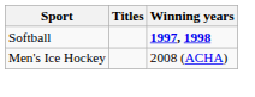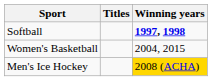 <table class="wikitable"; style= "text-align: ">
 <tr>
 <th width=px>Sport</th>
 <th width=px>Titles</th>
 <th width=px>Winning years</th>
 </tr>
 <tr>
 <td>Softball</td>
 <td></td>
 <td><strong><a href='#'>1997</a>, <a href='#'>1998</a></strong></td>
 </tr>
 <tr>
+<td>Women's Basketball</td>
+<td></td>
+<td>2004, 2015</td>
+</tr>
+<tr>
 <td>Men's Ice Hockey</td>
 <td></td>
-<td>2008 (<a href='#'>ACHA</a>)</td>
+<td style="background: gold;">2008 (<a href='#'>ACHA</a>)</td>
 </tr>
 </table>
